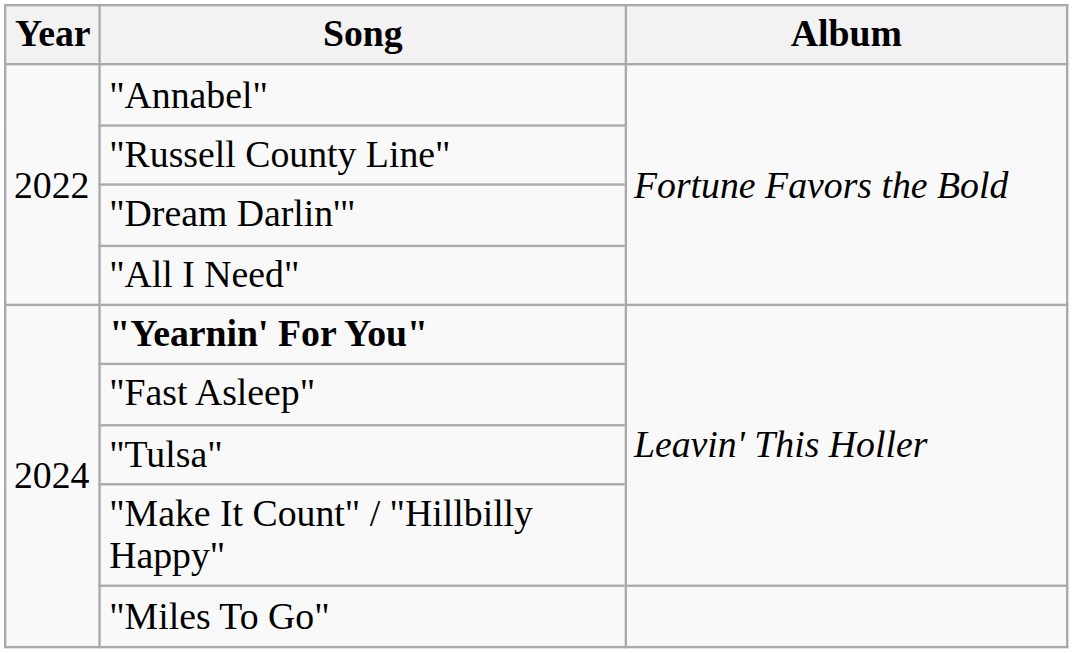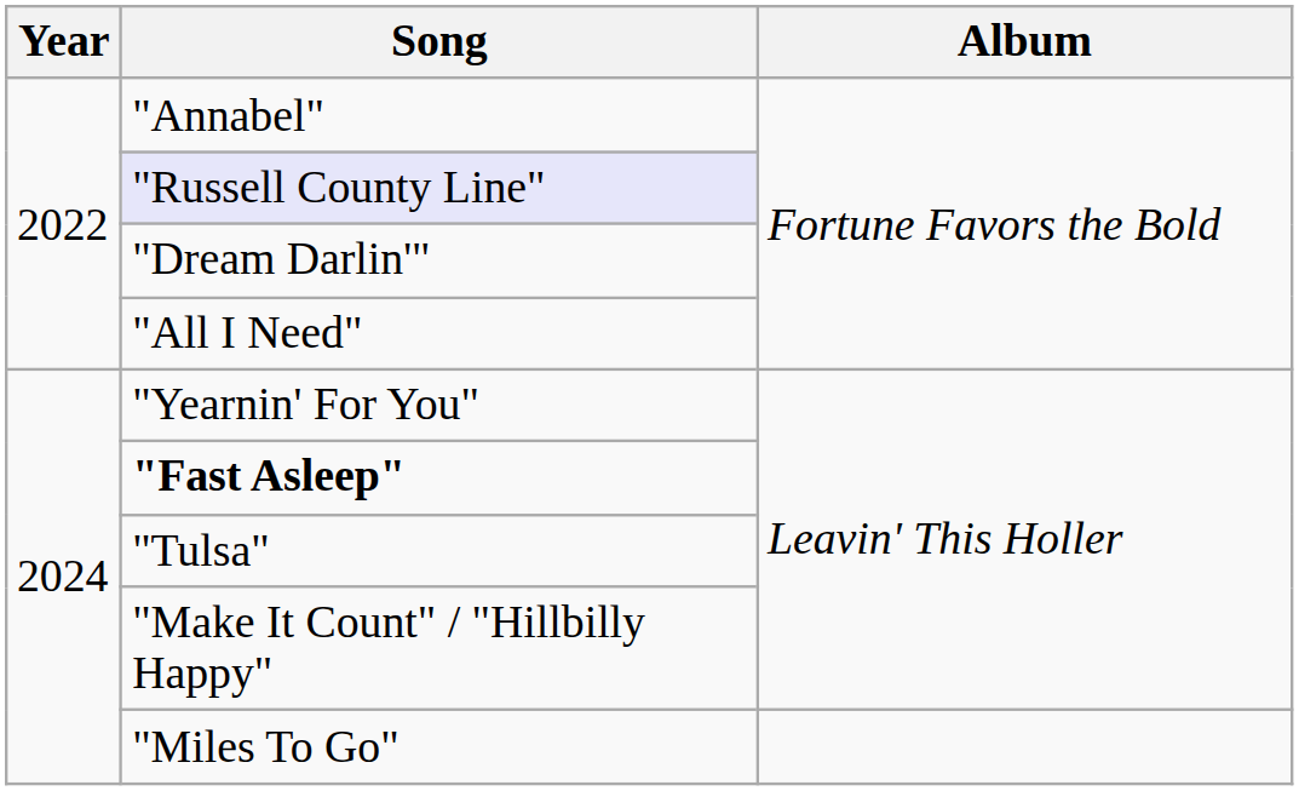 <table class="wikitable">
 <tr>
 <th width="33">Year</th>
 <th width="215">Song</th>
 <th width="180">Album</th>
 </tr>
 <tr>
 <td rowspan="4">2022</td>
 <td>"Annabel"</td>
 <td rowspan="4"><em>Fortune Favors the Bold</em></td>
 </tr>
 <tr>
-<td>"Russell County Line"</td>
+<td style="background: lavender;">"Russell County Line"</td>
 </tr>
 <tr>
 <td>"Dream Darlin'"</td>
 </tr>
 <tr>
 <td>"All I Need"</td>
 </tr>
 <tr>
 <td rowspan=5>2024</td>
-<td><strong>"Yearnin' For You"</strong></td>
+<td>"Yearnin' For You"</td>
 <td rowspan=4><em>Leavin' This Holler</em></td>
 </tr>
 <tr>
-<td>"Fast Asleep"</td>
+<td><strong>"Fast Asleep"</strong></td>
 </tr>
 <tr>
 <td>"Tulsa"</td>
 </tr>
 <tr>
 <td>"Make It Count" / "Hillbilly Happy"</td>
 </tr>
 <tr>
 <td>"Miles To Go"</td>
 <td></td>
 </tr>
 </table>
